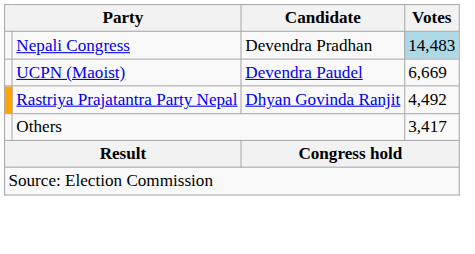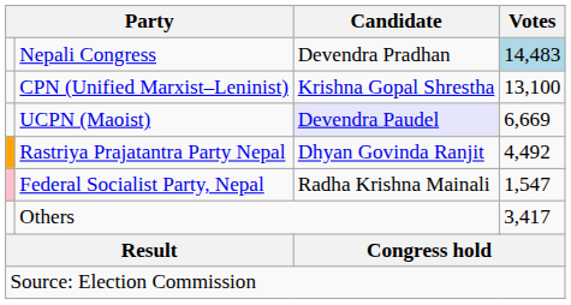 <table class="wikitable">
 <tr>
 <th colspan="2">Party</th>
 <th>Candidate</th>
 <th>Votes</th>
 </tr>
 <tr>
 <td style="background-color:"></td>
 <td><a href='#'>Nepali Congress</a></td>
 <td>Devendra Pradhan</td>
 <td style="background: lightblue;">14,483</td>
 </tr>
 <tr>
 <td style="background-color:"></td>
+<td><a href='#'>CPN (Unified Marxist–Leninist)</a></td>
+<td><a href='#'>Krishna Gopal Shrestha</a></td>
+<td>13,100</td>
+</tr>
+<tr>
+<td style="background-color:"></td>
 <td><a href='#'>UCPN (Maoist)</a></td>
-<td><a href='#'>Devendra Paudel</a></td>
+<td style="background: lavender;"><a href='#'>Devendra Paudel</a></td>
 <td>6,669</td>
 </tr>
 <tr>
 <td style="background-color:orange"></td>
 <td><a href='#'>Rastriya Prajatantra Party Nepal</a></td>
 <td><a href='#'>Dhyan Govinda Ranjit</a></td>
 <td>4,492</td>
+</tr>
+<tr>
+<td style="background-color:pink"></td>
+<td><a href='#'>Federal Socialist Party, Nepal</a></td>
+<td>Radha Krishna Mainali</td>
+<td>1,547</td>
 </tr>
 <tr>
 <td></td>
 <td colspan="2">Others</td>
 <td>3,417</td>
 </tr>
 <tr>
 <th colspan="2">Result</th>
 <th colspan="2">Congress hold</th>
 </tr>
 <tr>
 <td colspan="4">Source: Election Commission</td>
 </tr>
 </table>
